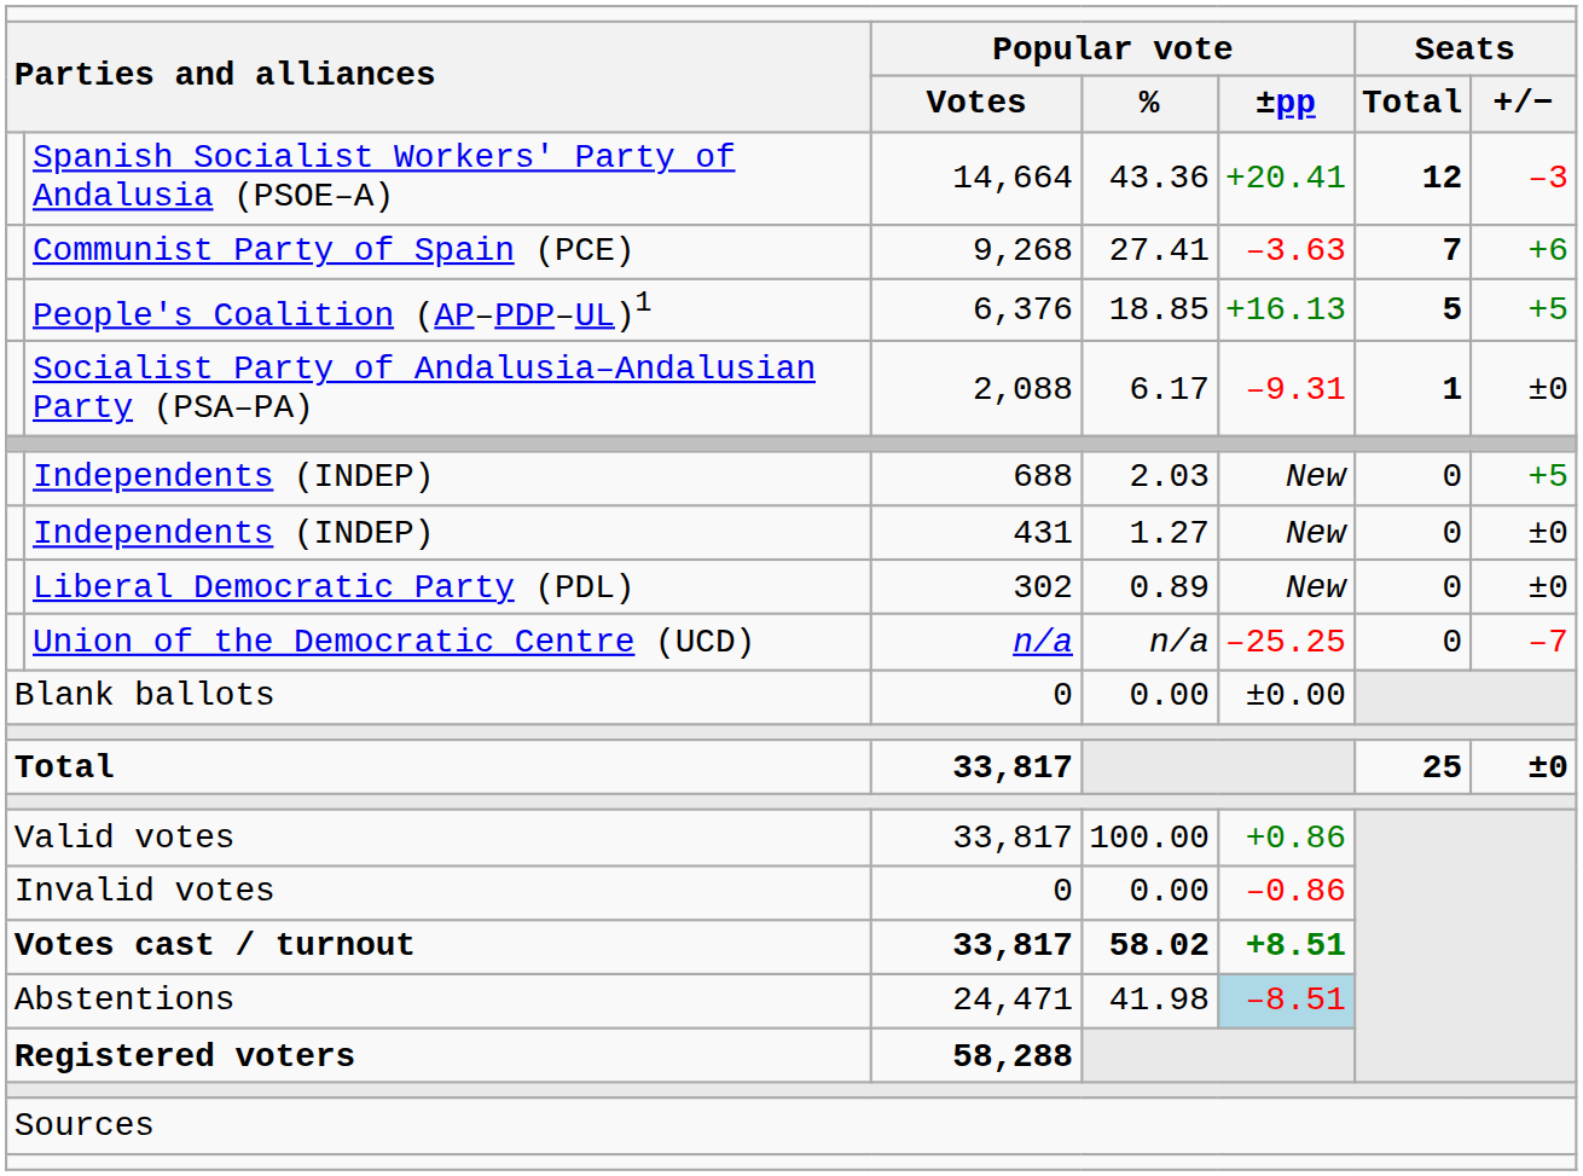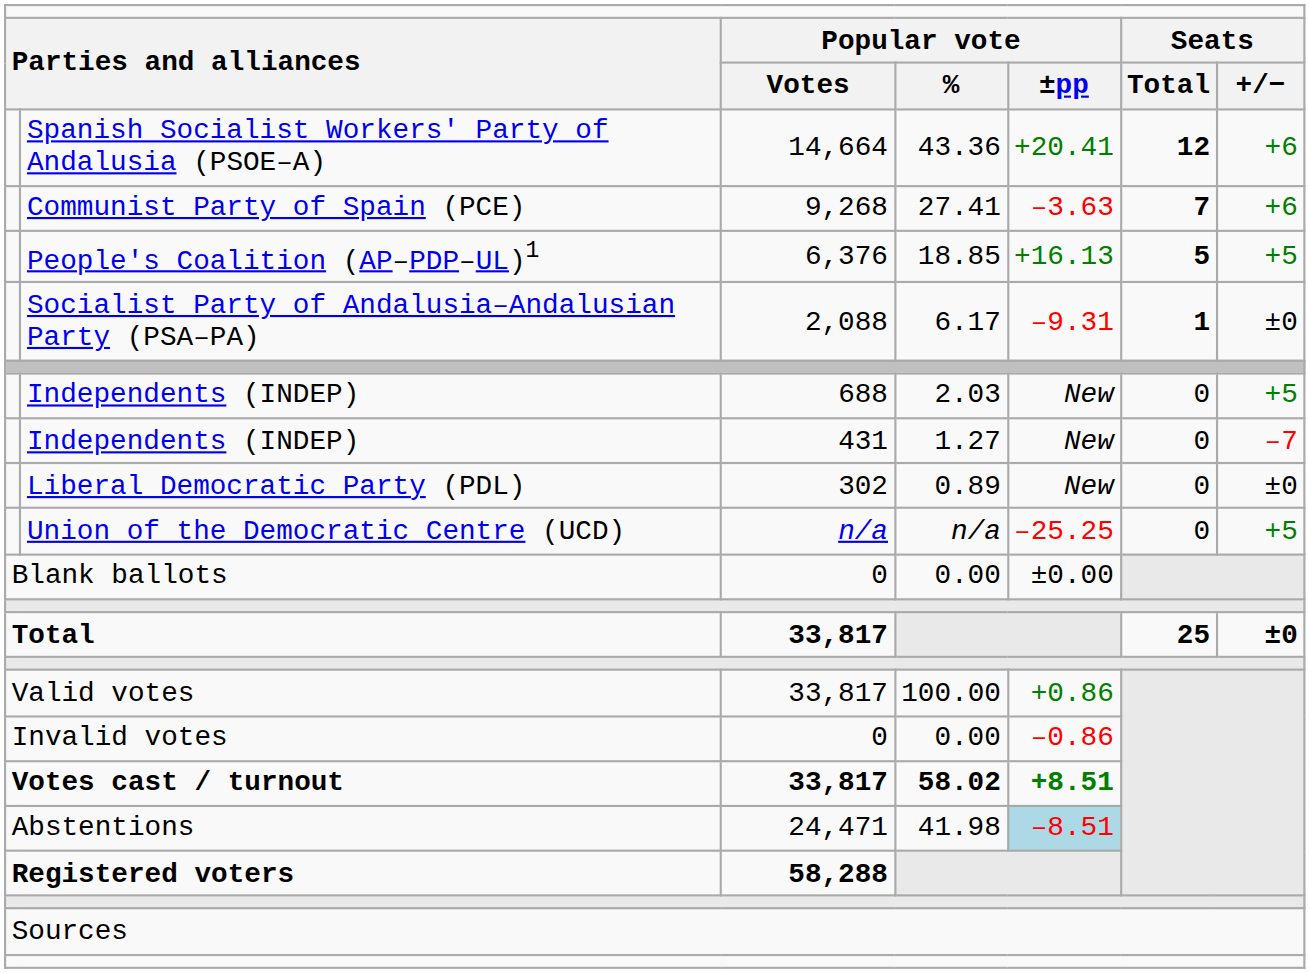 <table class="wikitable" style="text-align:right;">
 <tr>
 <td colspan="7"></td>
 </tr>
 <tr>
 <th style="text-align:left;" rowspan="2" colspan="2" width="525">Parties and alliances</th>
 <th colspan="3">Popular vote</th>
 <th colspan="2">Seats</th>
 </tr>
 <tr>
 <th width="75">Votes</th>
 <th width="45">%</th>
 <th width="45">±<a href='#'>pp</a></th>
 <th width="35">Total</th>
 <th width="35">+/−</th>
 </tr>
 <tr>
 <td width="1" style="color:inherit;background:"></td>
 <td align="left"><a href='#'>Spanish Socialist Workers' Party of Andalusia</a> (PSOE–A)</td>
 <td>14,664</td>
 <td>43.36</td>
 <td style="color:green;">+20.41</td>
 <td><strong>12</strong></td>
-<td style="color:red;">–3</td>
+<td style="color:green;">+6</td>
 </tr>
 <tr>
 <td style="color:inherit;background:"></td>
 <td align="left"><a href='#'>Communist Party of Spain</a> (PCE)</td>
 <td>9,268</td>
 <td>27.41</td>
 <td style="color:red;">–3.63</td>
 <td><strong>7</strong></td>
 <td style="color:green;">+6</td>
 </tr>
 <tr>
 <td style="color:inherit;background:"></td>
 <td align="left"><a href='#'>People's Coalition</a> (<a href='#'>AP</a>–<a href='#'>PDP</a>–<a href='#'>UL</a>)<sup>1</sup></td>
 <td>6,376</td>
 <td>18.85</td>
 <td style="color:green;">+16.13</td>
 <td><strong>5</strong></td>
 <td style="color:green;">+5</td>
 </tr>
 <tr>
 <td style="color:inherit;background:"></td>
 <td align="left"><a href='#'>Socialist Party of Andalusia–Andalusian Party</a> (PSA–PA)</td>
 <td>2,088</td>
 <td>6.17</td>
 <td style="color:red;">–9.31</td>
 <td><strong>1</strong></td>
 <td>±0</td>
 </tr>
 <tr>
 <td colspan="7" bgcolor="#C0C0C0"></td>
 </tr>
 <tr>
 <td style="color:inherit;background:"></td>
 <td align="left"><a href='#'>Independents</a> (INDEP)</td>
 <td>688</td>
 <td>2.03</td>
 <td><em>New</em></td>
 <td>0</td>
 <td style="color:green;">+5</td>
 </tr>
 <tr>
 <td style="color:inherit;background:"></td>
 <td align="left"><a href='#'>Independents</a> (INDEP)</td>
 <td>431</td>
 <td>1.27</td>
 <td><em>New</em></td>
 <td>0</td>
-<td>±0</td>
+<td style="color:red;">–7</td>
 </tr>
 <tr>
 <td style="color:inherit;background:"></td>
 <td align="left"><a href='#'>Liberal Democratic Party</a> (PDL)</td>
 <td>302</td>
 <td>0.89</td>
 <td><em>New</em></td>
 <td>0</td>
 <td>±0</td>
 </tr>
 <tr>
 <td style="color:inherit;background:"></td>
 <td align="left"><a href='#'>Union of the Democratic Centre</a> (UCD)</td>
 <td><em><a href='#'>n/a</a></em></td>
 <td><em>n/a</em></td>
 <td style="color:red;">–25.25</td>
 <td>0</td>
-<td style="color:red;">–7</td>
+<td style="color:green;">+5</td>
 </tr>
 <tr>
 <td align="left" colspan="2">Blank ballots</td>
 <td>0</td>
 <td>0.00</td>
 <td>±0.00</td>
 <td bgcolor="#E9E9E9" colspan="2"></td>
 </tr>
 <tr>
 <td colspan="7" bgcolor="#E9E9E9"></td>
 </tr>
 <tr style="font-weight:bold;">
 <td align="left" colspan="2">Total</td>
 <td>33,817</td>
 <td bgcolor="#E9E9E9" colspan="2"></td>
 <td>25</td>
 <td>±0</td>
 </tr>
 <tr>
 <td colspan="7" bgcolor="#E9E9E9"></td>
 </tr>
 <tr>
 <td align="left" colspan="2">Valid votes</td>
 <td>33,817</td>
 <td>100.00</td>
 <td style="color:green;">+0.86</td>
 <td bgcolor="#E9E9E9" colspan="2" rowspan="5"></td>
 </tr>
 <tr>
 <td align="left" colspan="2">Invalid votes</td>
 <td>0</td>
 <td>0.00</td>
 <td style="color:red;">–0.86</td>
 </tr>
 <tr style="font-weight:bold;">
 <td align="left" colspan="2">Votes cast / turnout</td>
 <td>33,817</td>
 <td>58.02</td>
 <td style="color:green;">+8.51</td>
 </tr>
 <tr>
 <td align="left" colspan="2">Abstentions</td>
 <td>24,471</td>
 <td>41.98</td>
 <td style="background: lightblue; color:red;">–8.51</td>
 </tr>
 <tr style="font-weight:bold;">
 <td align="left" colspan="2">Registered voters</td>
 <td>58,288</td>
 <td bgcolor="#E9E9E9" colspan="2"></td>
 </tr>
 <tr>
 <td colspan="7" bgcolor="#E9E9E9"></td>
 </tr>
 <tr>
 <td align="left" colspan="7">Sources</td>
 </tr>
 <tr>
 <td colspan="7" style="text-align:left; max-width:790px;"></td>
 </tr>
 </table>
